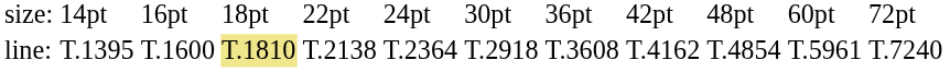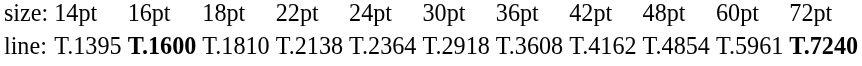 <table style="margin-left:40px;">
 <tr>
 <td>size:</td>
 <td>14pt</td>
 <td>16pt</td>
 <td>18pt</td>
 <td>22pt</td>
 <td>24pt</td>
 <td>30pt</td>
 <td>36pt</td>
 <td>42pt</td>
 <td>48pt</td>
 <td>60pt</td>
 <td>72pt</td>
 </tr>
 <tr>
 <td>line:</td>
 <td>T.1395</td>
-<td>T.1600</td>
-<td style="background: khaki;">T.1810</td>
+<td><strong>T.1600</strong></td>
+<td>T.1810</td>
 <td>T.2138</td>
 <td>T.2364</td>
 <td>T.2918</td>
 <td>T.3608</td>
 <td>T.4162</td>
 <td>T.4854</td>
 <td>T.5961</td>
-<td>T.7240</td>
+<td><strong>T.7240</strong></td>
 </tr>
 </table>
